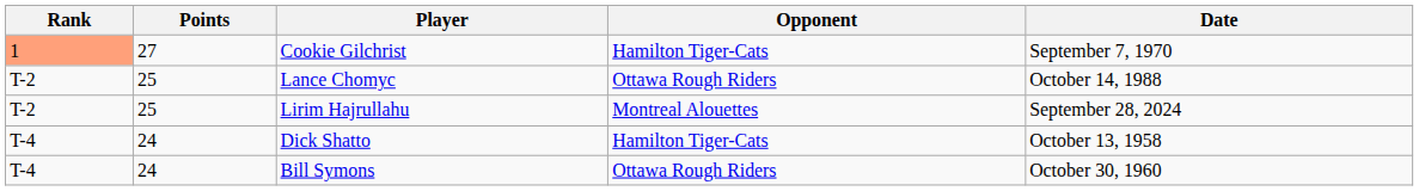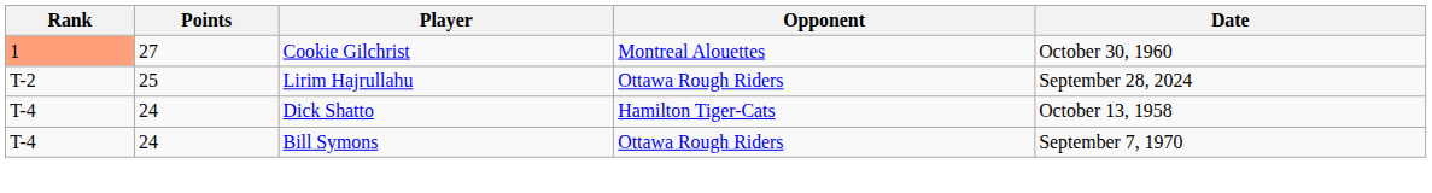 <table class="wikitable" style="width:60%;">
 <tr>
 <th>Rank</th>
 <th>Points</th>
 <th>Player</th>
 <th>Opponent</th>
 <th>Date</th>
 </tr>
 <tr>
 <td style="background: lightsalmon;">1</td>
 <td>27</td>
 <td><a href='#'>Cookie Gilchrist</a></td>
-<td><a href='#'>Hamilton Tiger-Cats</a></td>
-<td>September 7, 1970</td>
-</tr>
-<tr>
-<td>T-2</td>
-<td>25</td>
-<td><a href='#'>Lance Chomyc</a></td>
-<td><a href='#'>Ottawa Rough Riders</a></td>
-<td>October 14, 1988</td>
+<td><a href='#'>Montreal Alouettes</a></td>
+<td>October 30, 1960</td>
 </tr>
 <tr>
 <td>T-2</td>
 <td>25</td>
 <td><a href='#'>Lirim Hajrullahu</a></td>
-<td><a href='#'>Montreal Alouettes</a></td>
+<td><a href='#'>Ottawa Rough Riders</a></td>
 <td>September 28, 2024</td>
 </tr>
 <tr>
 <td>T-4</td>
 <td>24</td>
 <td><a href='#'>Dick Shatto</a></td>
 <td><a href='#'>Hamilton Tiger-Cats</a></td>
 <td>October 13, 1958</td>
 </tr>
 <tr>
 <td>T-4</td>
 <td>24</td>
 <td><a href='#'>Bill Symons</a></td>
 <td><a href='#'>Ottawa Rough Riders</a></td>
-<td>October 30, 1960</td>
+<td>September 7, 1970</td>
 </tr>
 </table>
